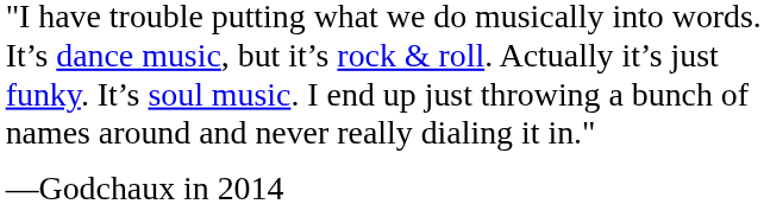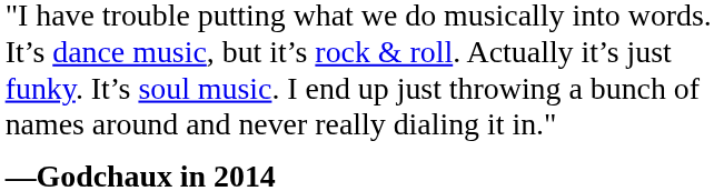 <table class="toccolours" style="float: right; margin-left: 1em; margin-right: 2em; font-size: 85%; background:offwhite; color:black; width:24em; max-width: 40%;" cellspacing="5">
 <tr>
 <td style="text-align: left;">"I have trouble putting what we do musically into words. It’s <a href='#'>dance music</a>, but it’s <a href='#'>rock & roll</a>. Actually it’s just <a href='#'>funky</a>. It’s <a href='#'>soul music</a>. I end up just throwing a bunch of names around and never really dialing it in."</td>
 </tr>
 <tr>
-<td style="text-align: left;">—Godchaux in 2014</td>
+<td style="text-align: left;"><strong>—Godchaux in 2014</strong></td>
 </tr>
 </table>
